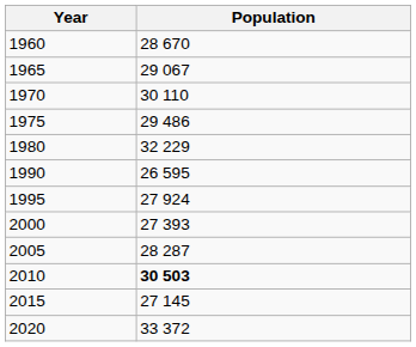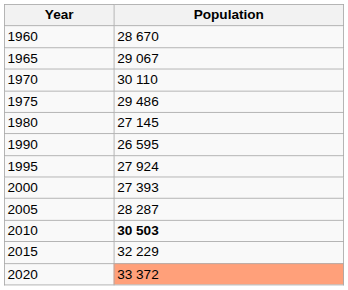 <table class="wikitable" style="width: 25em;">
 <tr>
 <th>Year</th>
 <th>Population</th>
 </tr>
 <tr>
 <td>1960</td>
 <td>28 670</td>
 </tr>
 <tr>
 <td>1965</td>
 <td>29 067</td>
 </tr>
 <tr>
 <td>1970</td>
 <td>30 110</td>
 </tr>
 <tr>
 <td>1975</td>
 <td>29 486</td>
 </tr>
 <tr>
 <td>1980</td>
-<td>32 229</td>
+<td>27 145</td>
 </tr>
 <tr>
 <td>1990</td>
 <td>26 595</td>
 </tr>
 <tr>
 <td>1995</td>
 <td>27 924</td>
 </tr>
 <tr>
 <td>2000</td>
 <td>27 393</td>
 </tr>
 <tr>
 <td>2005</td>
 <td>28 287</td>
 </tr>
 <tr>
 <td>2010</td>
 <td><strong>30 503</strong></td>
 </tr>
 <tr>
 <td>2015</td>
-<td>27 145</td>
+<td>32 229</td>
 </tr>
 <tr>
 <td>2020</td>
-<td>33 372</td>
+<td style="background: lightsalmon;">33 372</td>
 </tr>
 </table>
